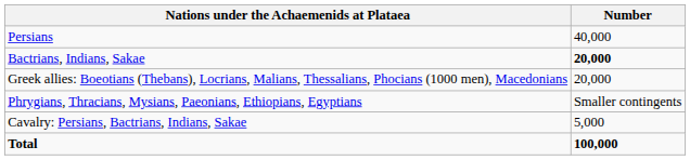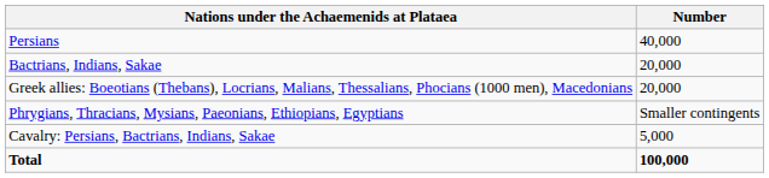 <table class=wikitable>
 <tr>
 <th>Nations under the Achaemenids at Plataea</th>
 <th>Number</th>
 </tr>
 <tr>
 <td><a href='#'>Persians</a></td>
 <td>40,000</td>
 </tr>
 <tr>
 <td><a href='#'>Bactrians</a>, <a href='#'>Indians</a>, <a href='#'>Sakae</a></td>
-<td><strong>20,000</strong></td>
+<td>20,000</td>
 </tr>
 <tr>
 <td>Greek allies: <a href='#'>Boeotians</a> (<a href='#'>Thebans</a>), <a href='#'>Locrians</a>, <a href='#'>Malians</a>, <a href='#'>Thessalians</a>, <a href='#'>Phocians</a> (1000 men), <a href='#'>Macedonians</a></td>
 <td>20,000</td>
 </tr>
 <tr>
 <td><a href='#'>Phrygians</a>, <a href='#'>Thracians</a>, <a href='#'>Mysians</a>, <a href='#'>Paeonians</a>, <a href='#'>Ethiopians</a>, <a href='#'>Egyptians</a></td>
 <td>Smaller contingents</td>
 </tr>
 <tr>
 <td>Cavalry: <a href='#'>Persians</a>, <a href='#'>Bactrians</a>, <a href='#'>Indians</a>, <a href='#'>Sakae</a></td>
 <td>5,000</td>
 </tr>
 <tr>
 <td><strong>Total</strong></td>
 <td><strong>100,000</strong></td>
 </tr>
 </table>
